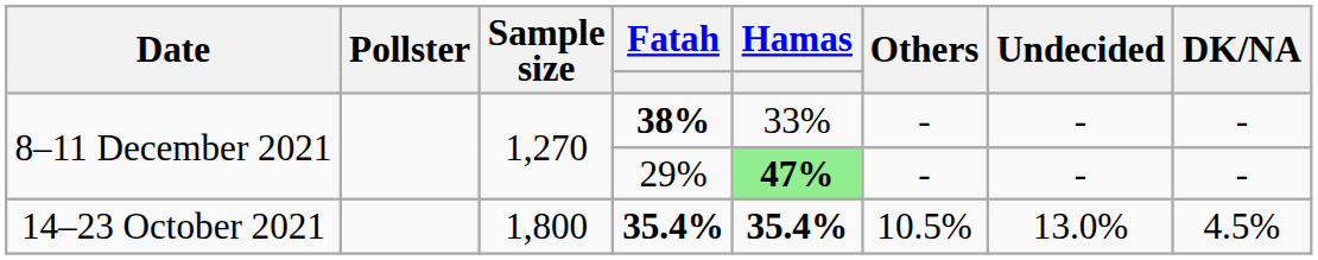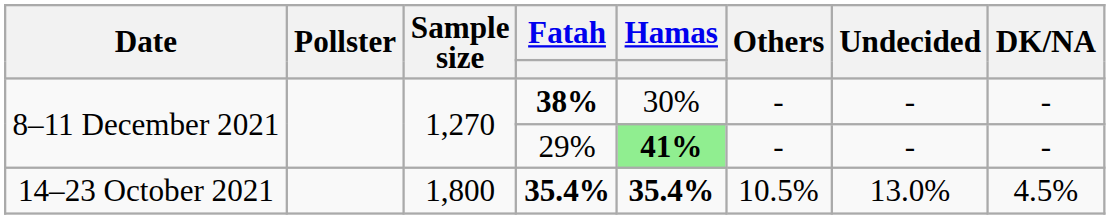 <table class="wikitable" style="text-align:center;font-size:85%;line-height:13px">
 <tr>
 <th rowspan="2">Date</th>
 <th rowspan="2">Pollster</th>
 <th rowspan="2">Sample<br>size</th>
 <th style="width:35px;"><a href='#'>Fatah</a></th>
 <th style="width:35px;"><a href='#'>Hamas</a></th>
 <th style="width:35px;" rowspan="2">Others</th>
 <th style="width:35px;" rowspan="2">Undecided</th>
 <th style="width:35px;" rowspan="2">DK/NA</th>
 </tr>
 <tr>
 <th style="background:"></th>
 <th style="background:"></th>
 </tr>
 <tr>
 <td rowspan="2">8–11 December 2021</td>
 <td rowspan="2"></td>
 <td rowspan="2">1,270</td>
 <td><strong>38%</strong></td>
-<td>33%</td>
+<td>30%</td>
 <td>-</td>
 <td>-</td>
 <td>-</td>
 </tr>
 <tr>
 <td>29%</td>
-<td style="background:lightgreen"><strong>47%</strong></td>
+<td style="background:lightgreen"><strong>41%</strong></td>
 <td>-</td>
 <td>-</td>
 <td>-</td>
 </tr>
 <tr>
 <td>14–23 October 2021</td>
 <td></td>
 <td>1,800</td>
 <td><strong>35.4%</strong></td>
 <td><strong>35.4%</strong></td>
 <td>10.5%</td>
 <td>13.0%</td>
 <td>4.5%</td>
 </tr>
 </table>
